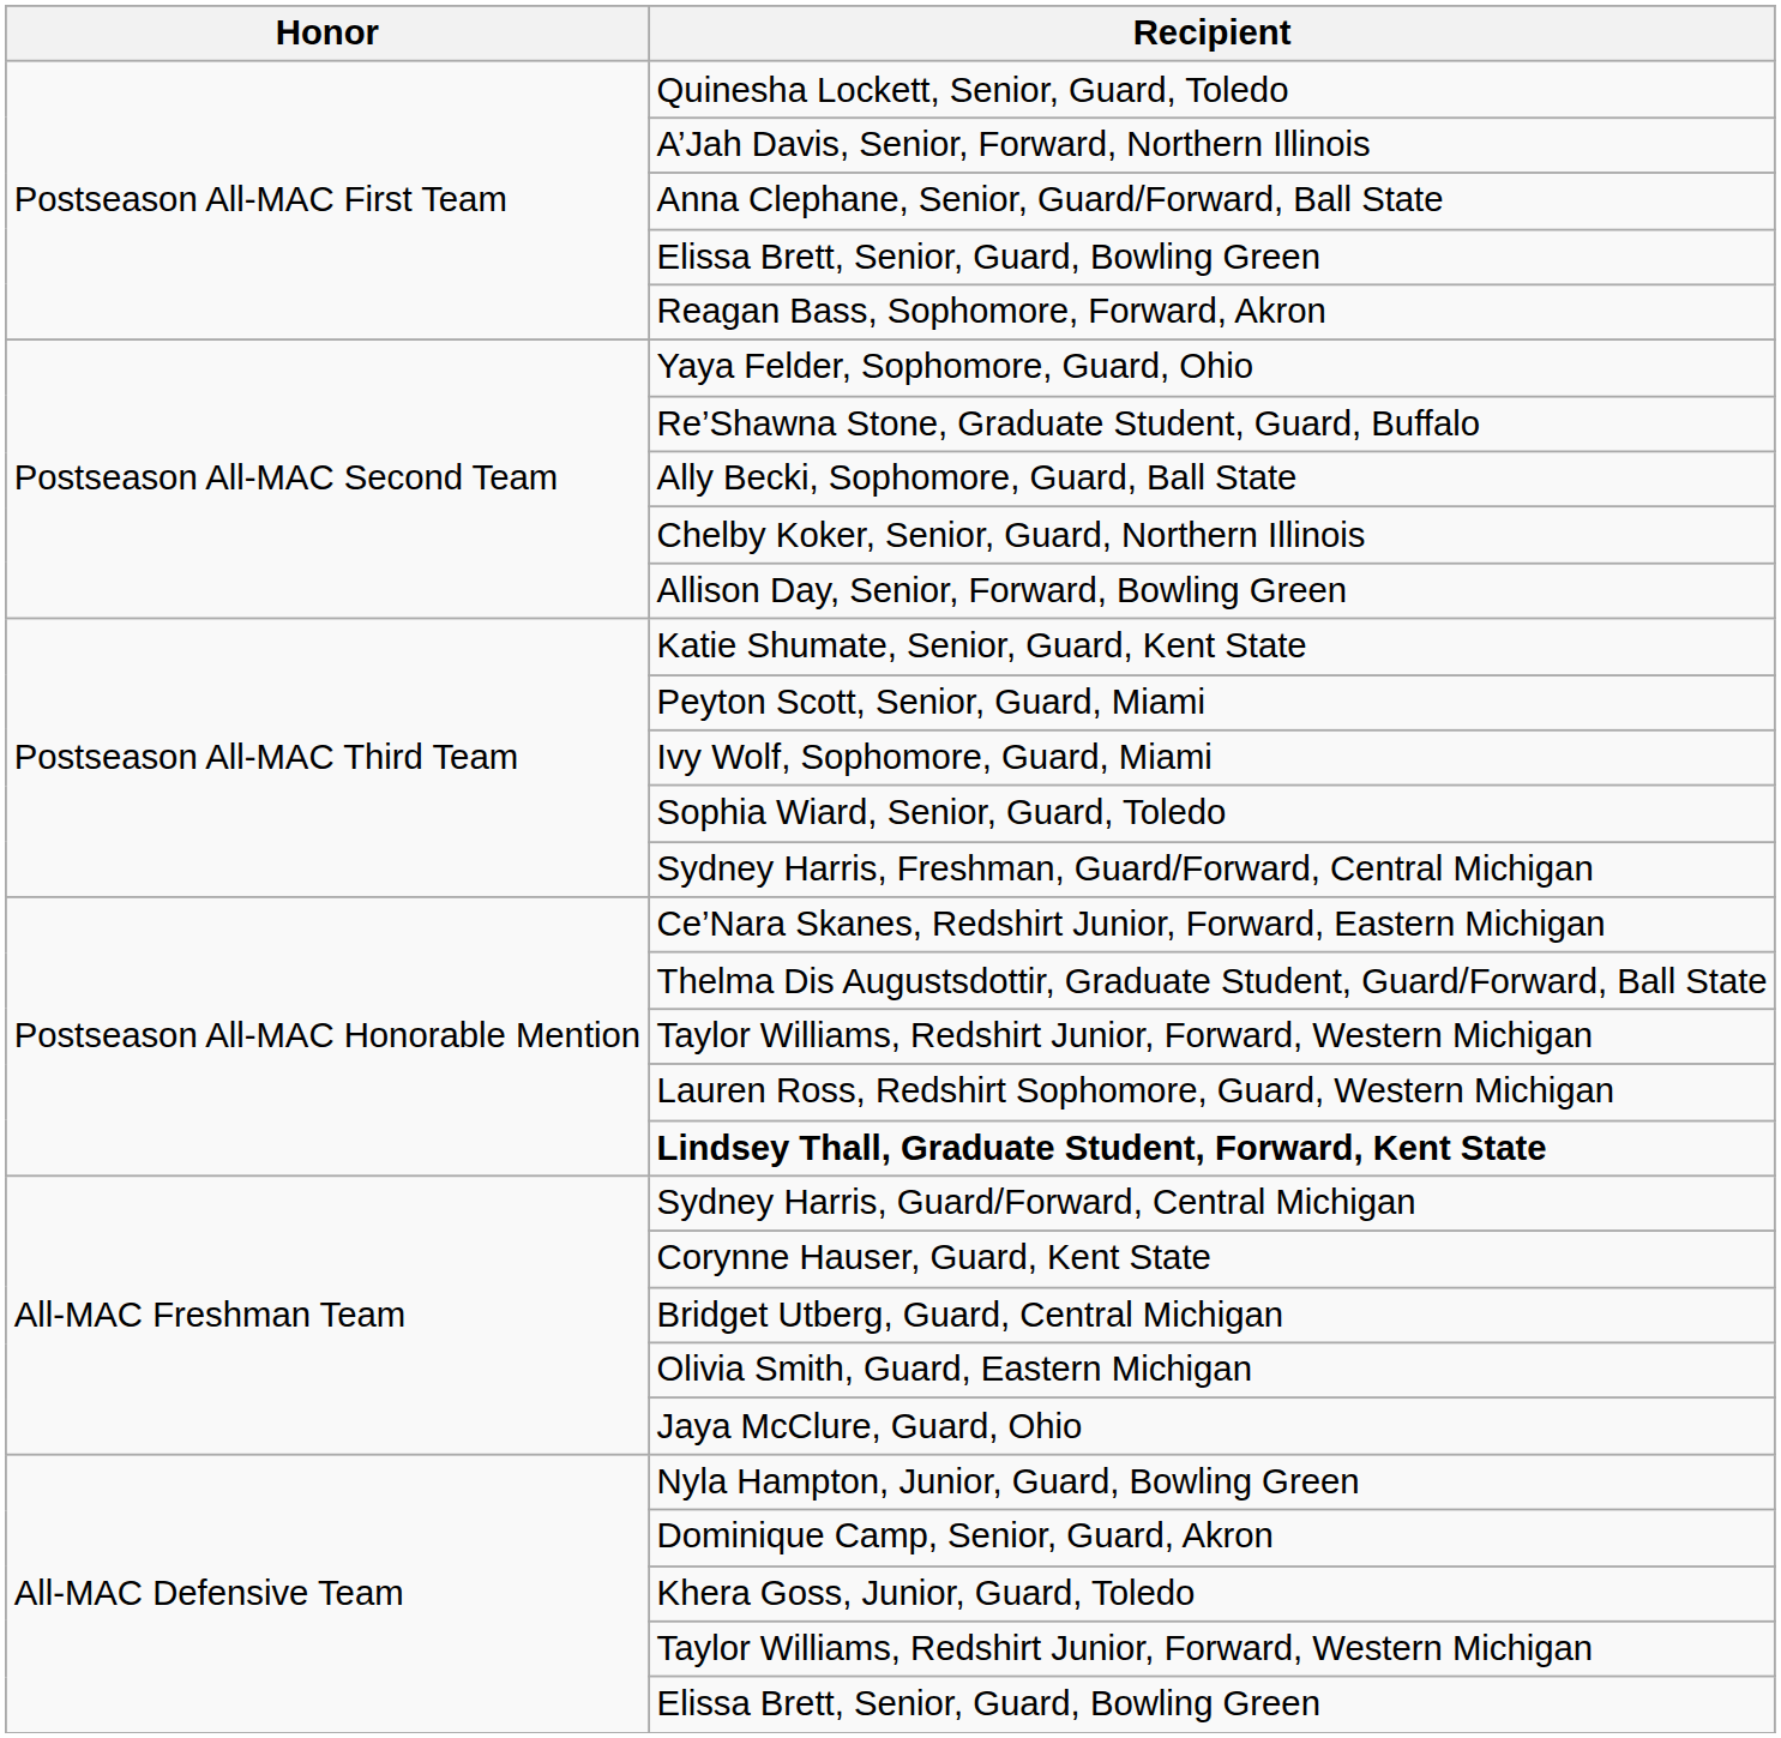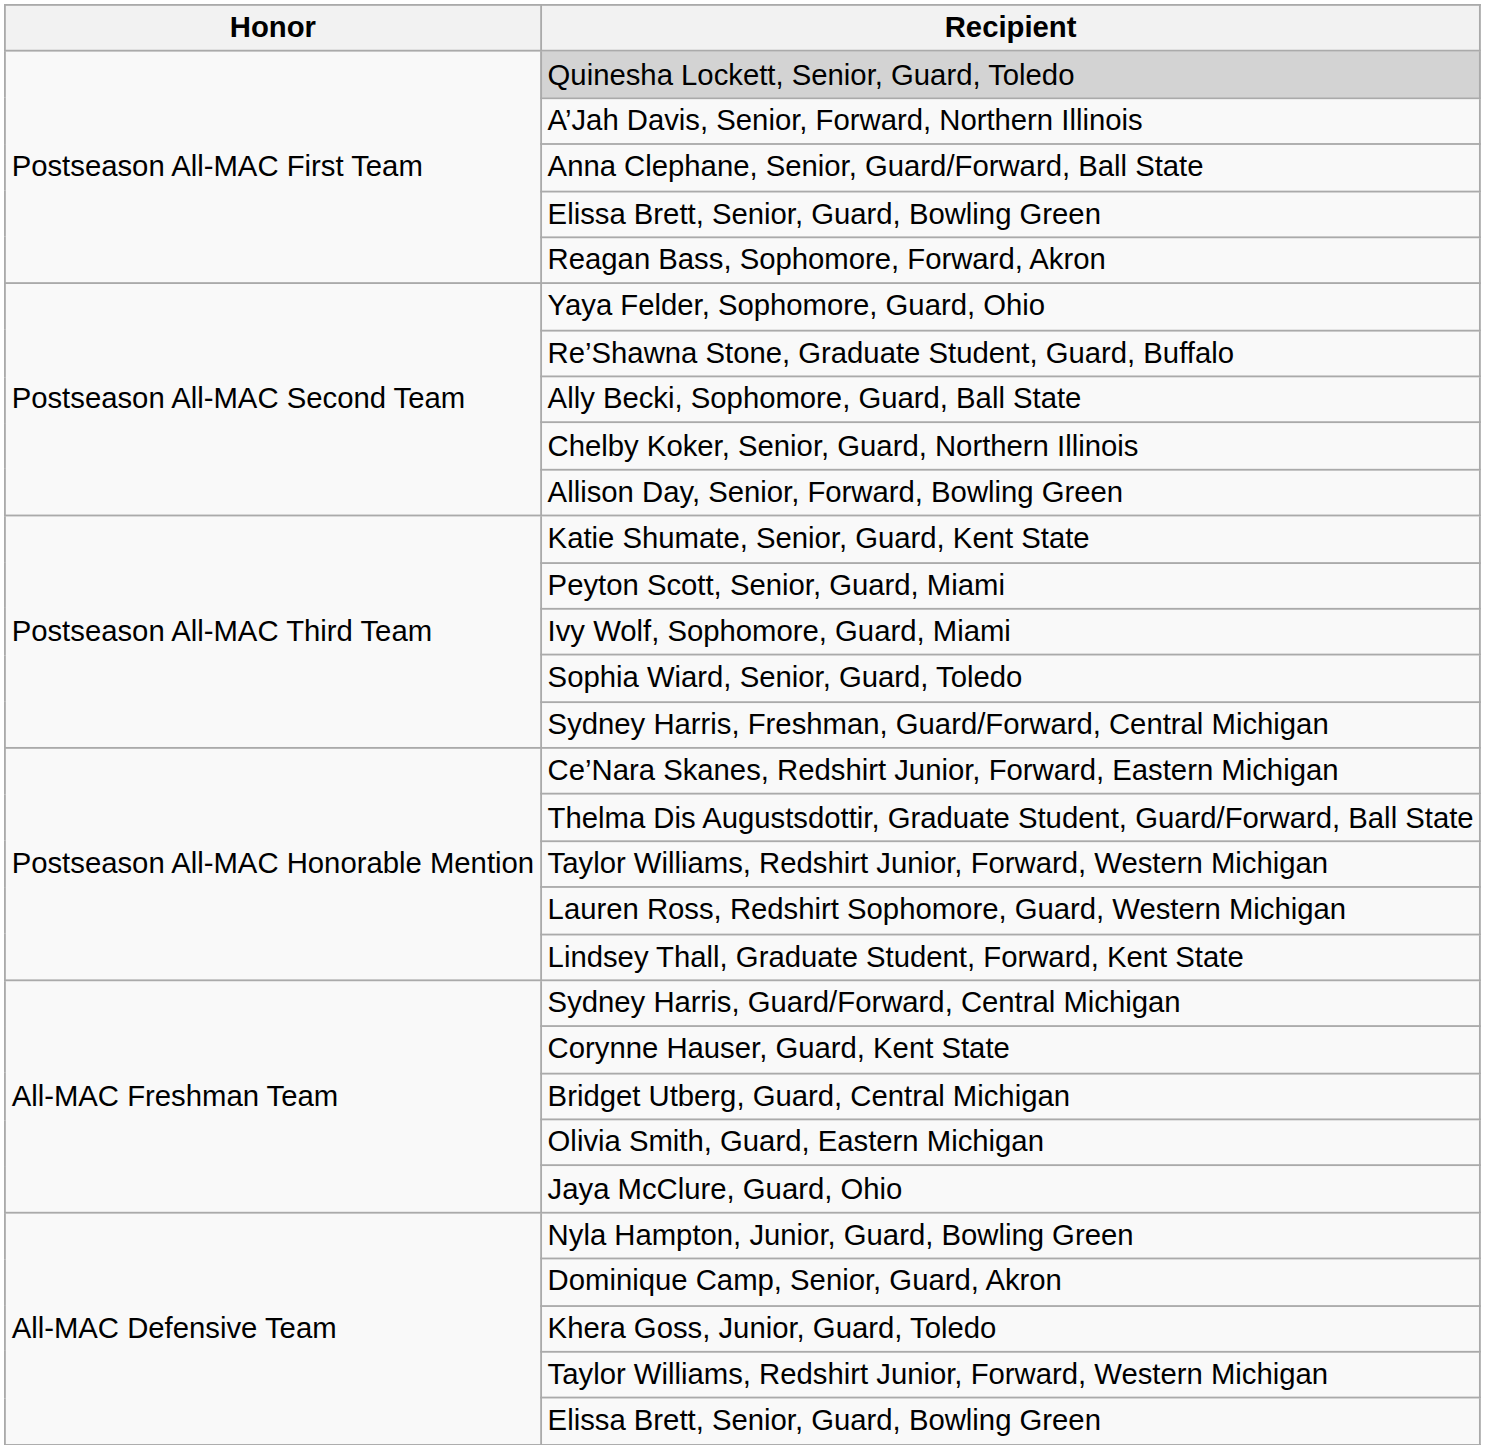 <table class="wikitable" border="1">
 <tr>
 <th>Honor</th>
 <th>Recipient</th>
 </tr>
 <tr>
 <td rowspan=5 valign=middle>Postseason All-MAC First Team</td>
-<td>Quinesha Lockett, Senior, Guard, Toledo</td>
+<td style="background: lightgrey;">Quinesha Lockett, Senior, Guard, Toledo</td>
 </tr>
 <tr>
 <td>A’Jah Davis, Senior, Forward, Northern Illinois</td>
 </tr>
 <tr>
 <td>Anna Clephane, Senior, Guard/Forward, Ball State</td>
 </tr>
 <tr>
 <td>Elissa Brett, Senior, Guard, Bowling Green</td>
 </tr>
 <tr>
 <td>Reagan Bass, Sophomore, Forward, Akron</td>
 </tr>
 <tr>
 <td rowspan=5 valign=middle>Postseason All-MAC Second Team</td>
 <td>Yaya Felder, Sophomore, Guard, Ohio</td>
 </tr>
 <tr>
 <td>Re’Shawna Stone, Graduate Student, Guard, Buffalo</td>
 </tr>
 <tr>
 <td>Ally Becki, Sophomore, Guard, Ball State</td>
 </tr>
 <tr>
 <td>Chelby Koker, Senior, Guard, Northern Illinois</td>
 </tr>
 <tr>
 <td>Allison Day, Senior, Forward, Bowling Green</td>
 </tr>
 <tr>
 <td rowspan=5 valign=middle>Postseason All-MAC Third Team</td>
 <td>Katie Shumate, Senior, Guard, Kent State</td>
 </tr>
 <tr>
 <td>Peyton Scott, Senior, Guard, Miami</td>
 </tr>
 <tr>
 <td>Ivy Wolf, Sophomore, Guard, Miami</td>
 </tr>
 <tr>
 <td>Sophia Wiard, Senior, Guard, Toledo</td>
 </tr>
 <tr>
 <td>Sydney Harris, Freshman, Guard/Forward, Central Michigan</td>
 </tr>
 <tr>
 <td rowspan=5 valign=middle>Postseason All-MAC Honorable Mention</td>
 <td>Ce’Nara Skanes, Redshirt Junior, Forward, Eastern Michigan</td>
 </tr>
 <tr>
 <td>Thelma Dis Augustsdottir, Graduate Student, Guard/Forward, Ball State</td>
 </tr>
 <tr>
 <td>Taylor Williams, Redshirt Junior, Forward, Western Michigan</td>
 </tr>
 <tr>
 <td>Lauren Ross, Redshirt Sophomore, Guard, Western Michigan</td>
 </tr>
 <tr>
-<td><strong>Lindsey Thall, Graduate Student, Forward, Kent State</strong></td>
+<td>Lindsey Thall, Graduate Student, Forward, Kent State</td>
 </tr>
 <tr>
 <td rowspan=5 valign=middle>All-MAC Freshman Team</td>
 <td>Sydney Harris, Guard/Forward, Central Michigan</td>
 </tr>
 <tr>
 <td>Corynne Hauser, Guard, Kent State</td>
 </tr>
 <tr>
 <td>Bridget Utberg, Guard, Central Michigan</td>
 </tr>
 <tr>
 <td>Olivia Smith, Guard, Eastern Michigan</td>
 </tr>
 <tr>
 <td>Jaya McClure, Guard, Ohio</td>
 </tr>
 <tr>
 <td rowspan=5 valign=middle>All-MAC Defensive Team</td>
 <td>Nyla Hampton, Junior, Guard, Bowling Green</td>
 </tr>
 <tr>
 <td>Dominique Camp, Senior, Guard, Akron</td>
 </tr>
 <tr>
 <td>Khera Goss, Junior, Guard, Toledo</td>
 </tr>
 <tr>
 <td>Taylor Williams, Redshirt Junior, Forward, Western Michigan</td>
 </tr>
 <tr>
 <td>Elissa Brett, Senior, Guard, Bowling Green</td>
 </tr>
 <tr>
 </tr>
 </table>
